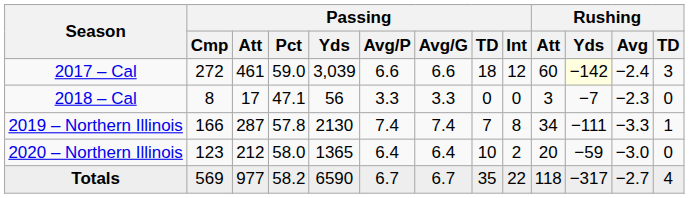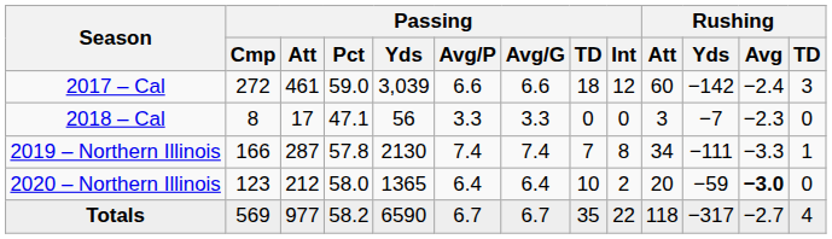 <table class="wikitable" style="text-align:center;">
 <tr>
 <th rowspan=2>Season</th>
 <th colspan=8>Passing</th>
 <th colspan=4>Rushing</th>
 </tr>
 <tr>
 <th>Cmp</th>
 <th>Att</th>
 <th>Pct</th>
 <th>Yds</th>
 <th>Avg/P</th>
 <th>Avg/G</th>
 <th>TD</th>
 <th>Int</th>
 <th>Att</th>
 <th>Yds</th>
 <th>Avg</th>
 <th>TD</th>
 </tr>
 <tr>
 <td><a href='#'>2017 – Cal</a></td>
 <td>272</td>
 <td>461</td>
 <td>59.0</td>
 <td>3,039</td>
 <td>6.6</td>
 <td>6.6</td>
 <td>18</td>
 <td>12</td>
 <td>60</td>
-<td style="background: lightyellow;">−142</td>
+<td>−142</td>
 <td>−2.4</td>
 <td>3</td>
 </tr>
 <tr>
 <td><a href='#'>2018 – Cal</a></td>
 <td>8</td>
 <td>17</td>
 <td>47.1</td>
 <td>56</td>
 <td>3.3</td>
 <td>3.3</td>
 <td>0</td>
 <td>0</td>
 <td>3</td>
 <td>−7</td>
 <td>−2.3</td>
 <td>0</td>
 </tr>
 <tr>
 <td><a href='#'>2019 – Northern Illinois</a></td>
 <td>166</td>
 <td>287</td>
 <td>57.8</td>
 <td>2130</td>
 <td>7.4</td>
 <td>7.4</td>
 <td>7</td>
 <td>8</td>
 <td>34</td>
 <td>−111</td>
 <td>−3.3</td>
 <td>1</td>
 </tr>
 <tr>
 <td><a href='#'>2020 – Northern Illinois</a></td>
 <td>123</td>
 <td>212</td>
 <td>58.0</td>
 <td>1365</td>
 <td>6.4</td>
 <td>6.4</td>
 <td>10</td>
 <td>2</td>
 <td>20</td>
 <td>−59</td>
-<td>−3.0</td>
+<td><strong>−3.0</strong></td>
 <td>0</td>
 </tr>
 <tr class="sortbottom" style="background:#eee;">
 <td><strong>Totals</strong></td>
 <td>569</td>
 <td>977</td>
 <td>58.2</td>
 <td>6590</td>
 <td>6.7</td>
 <td>6.7</td>
 <td>35</td>
 <td>22</td>
 <td>118</td>
 <td>−317</td>
 <td>−2.7</td>
 <td>4</td>
 </tr>
 </table>
